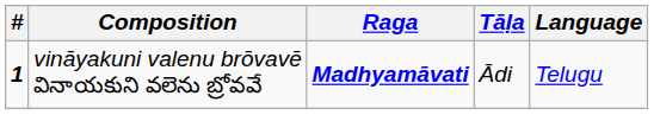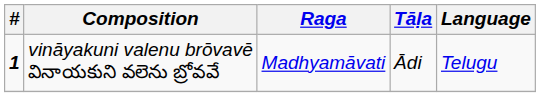 <table class="wikitable">
 <tr>
 <th><em>#</em></th>
 <th><em>Composition</em></th>
 <th><em><a href='#'>Raga</a></em></th>
 <th><em><a href='#'>Tāḷa</a></em></th>
 <th><em>Language</em></th>
 </tr>
 <tr>
 <td><strong><em>1</em></strong></td>
 <td><em>vināyakuni valenu brōvavē</em> <br>వినాయకుని వలెను బ్రోవవే</td>
-<td><strong><em><a href='#'>Madhyamāvati</a></em></strong></td>
+<td><em><a href='#'>Madhyamāvati</a></em></td>
 <td><em>Ādi</em></td>
 <td><em><a href='#'>Telugu</a></em></td>
 </tr>
 <tr>
 </tr>
 </table>
